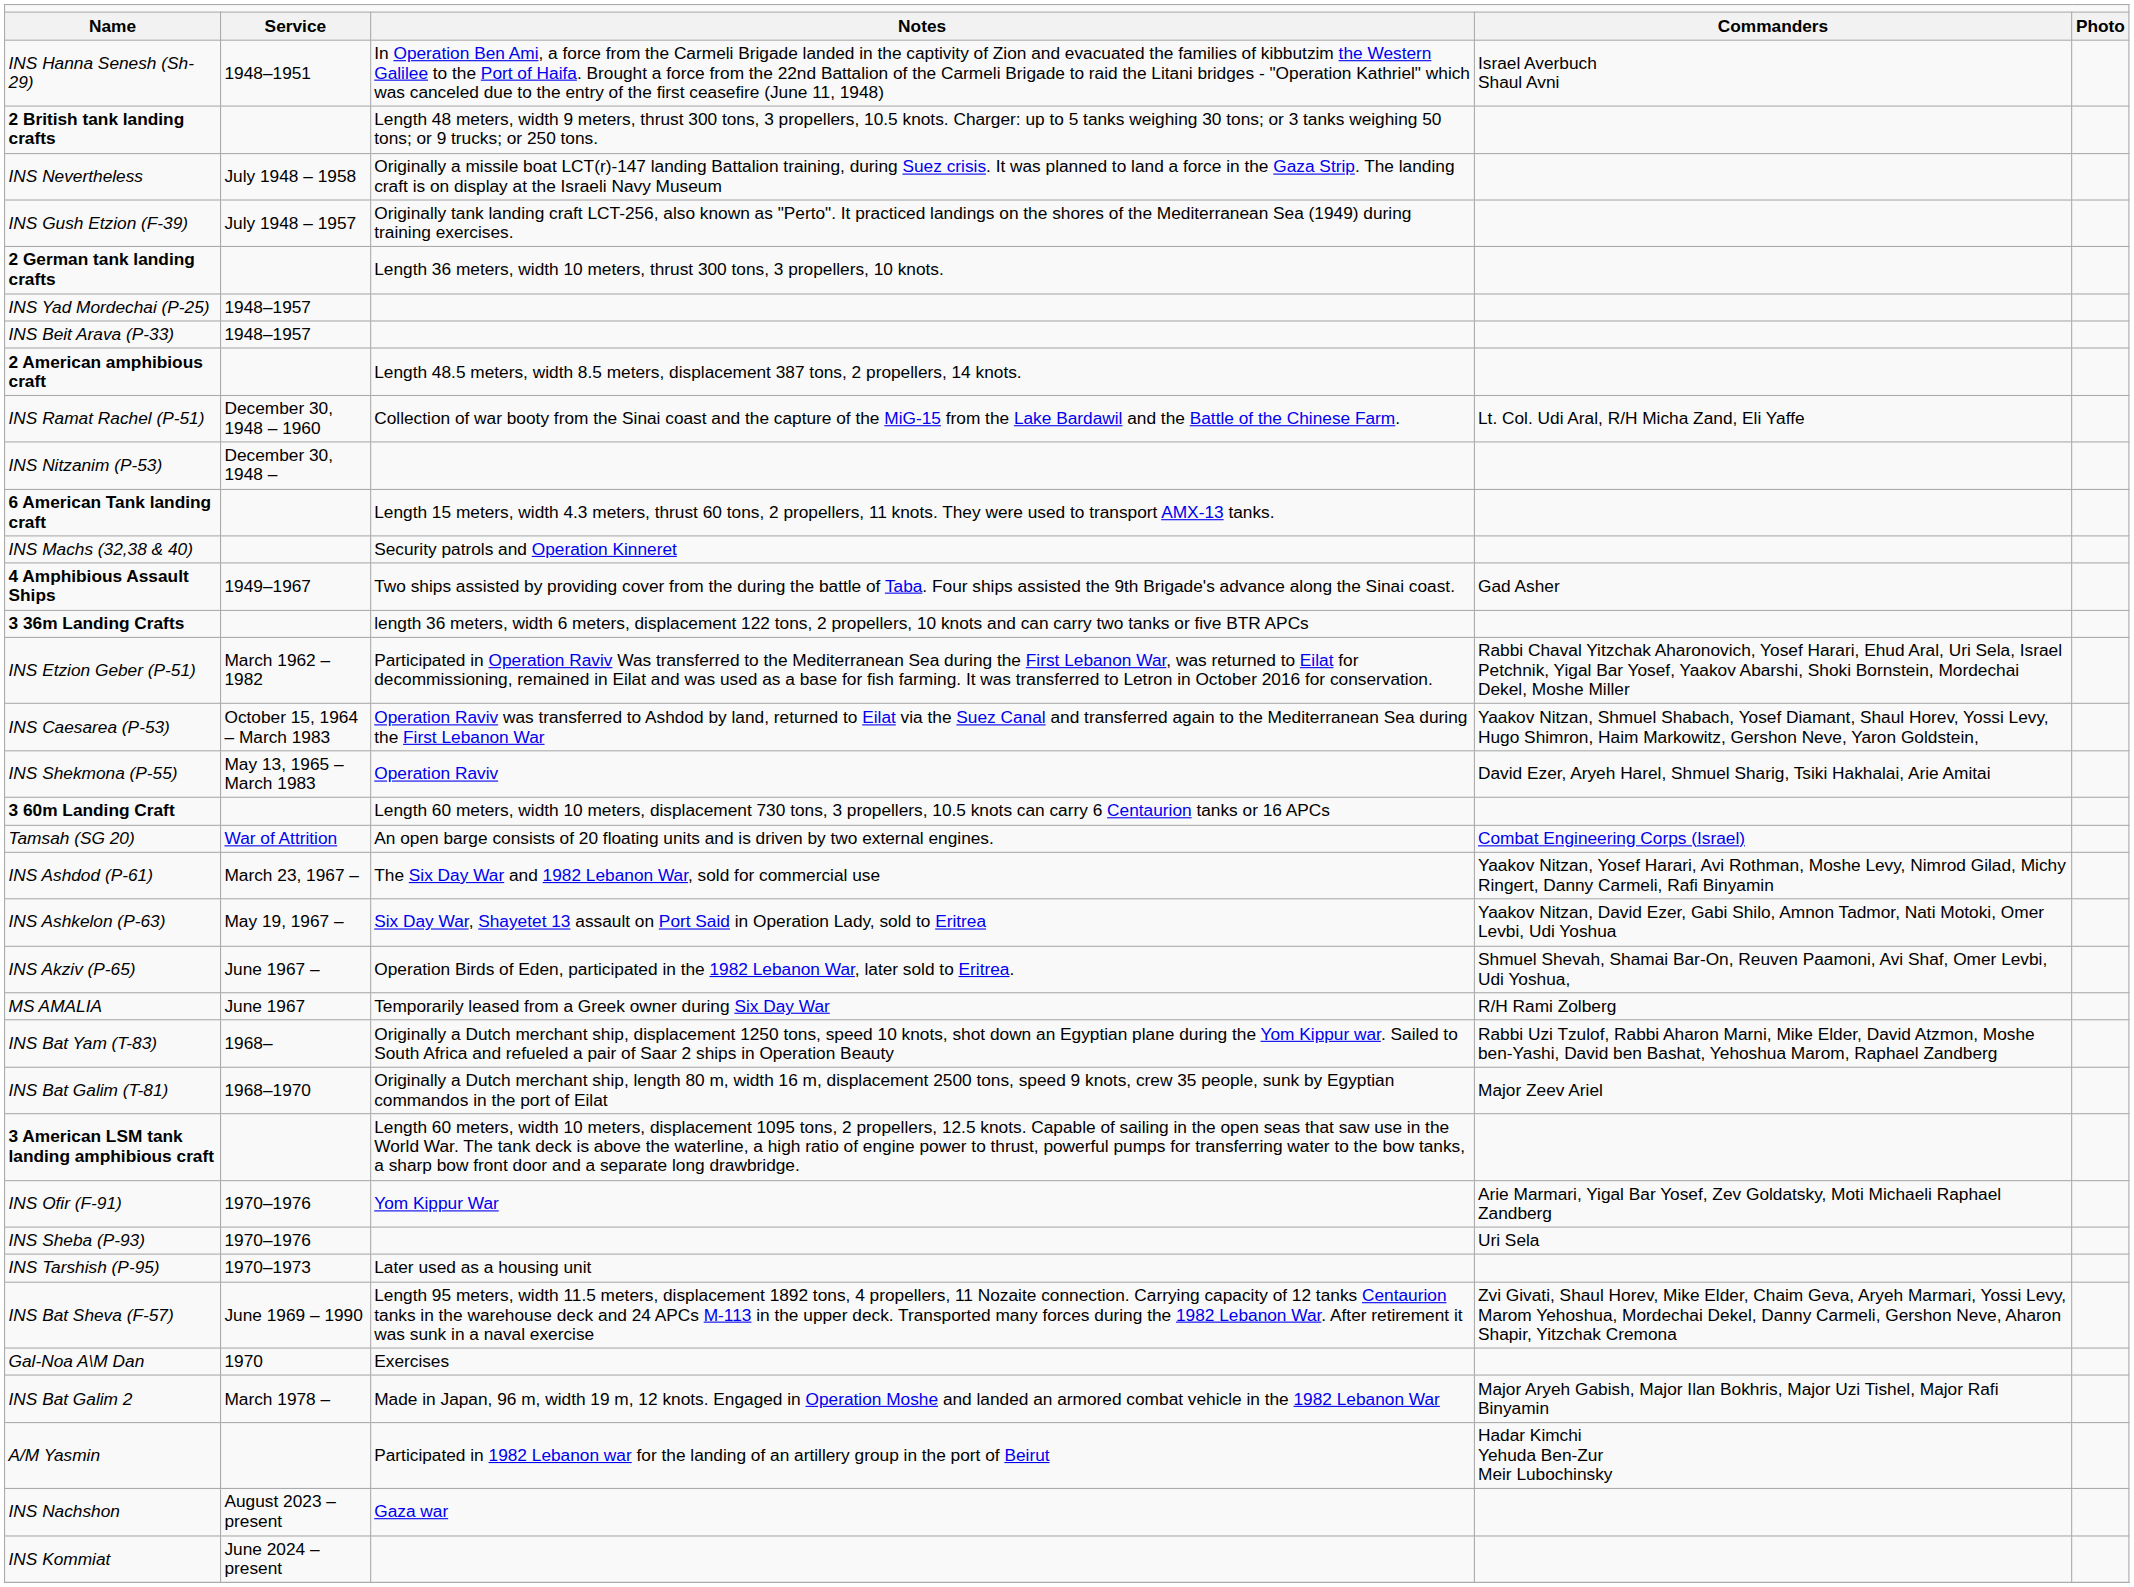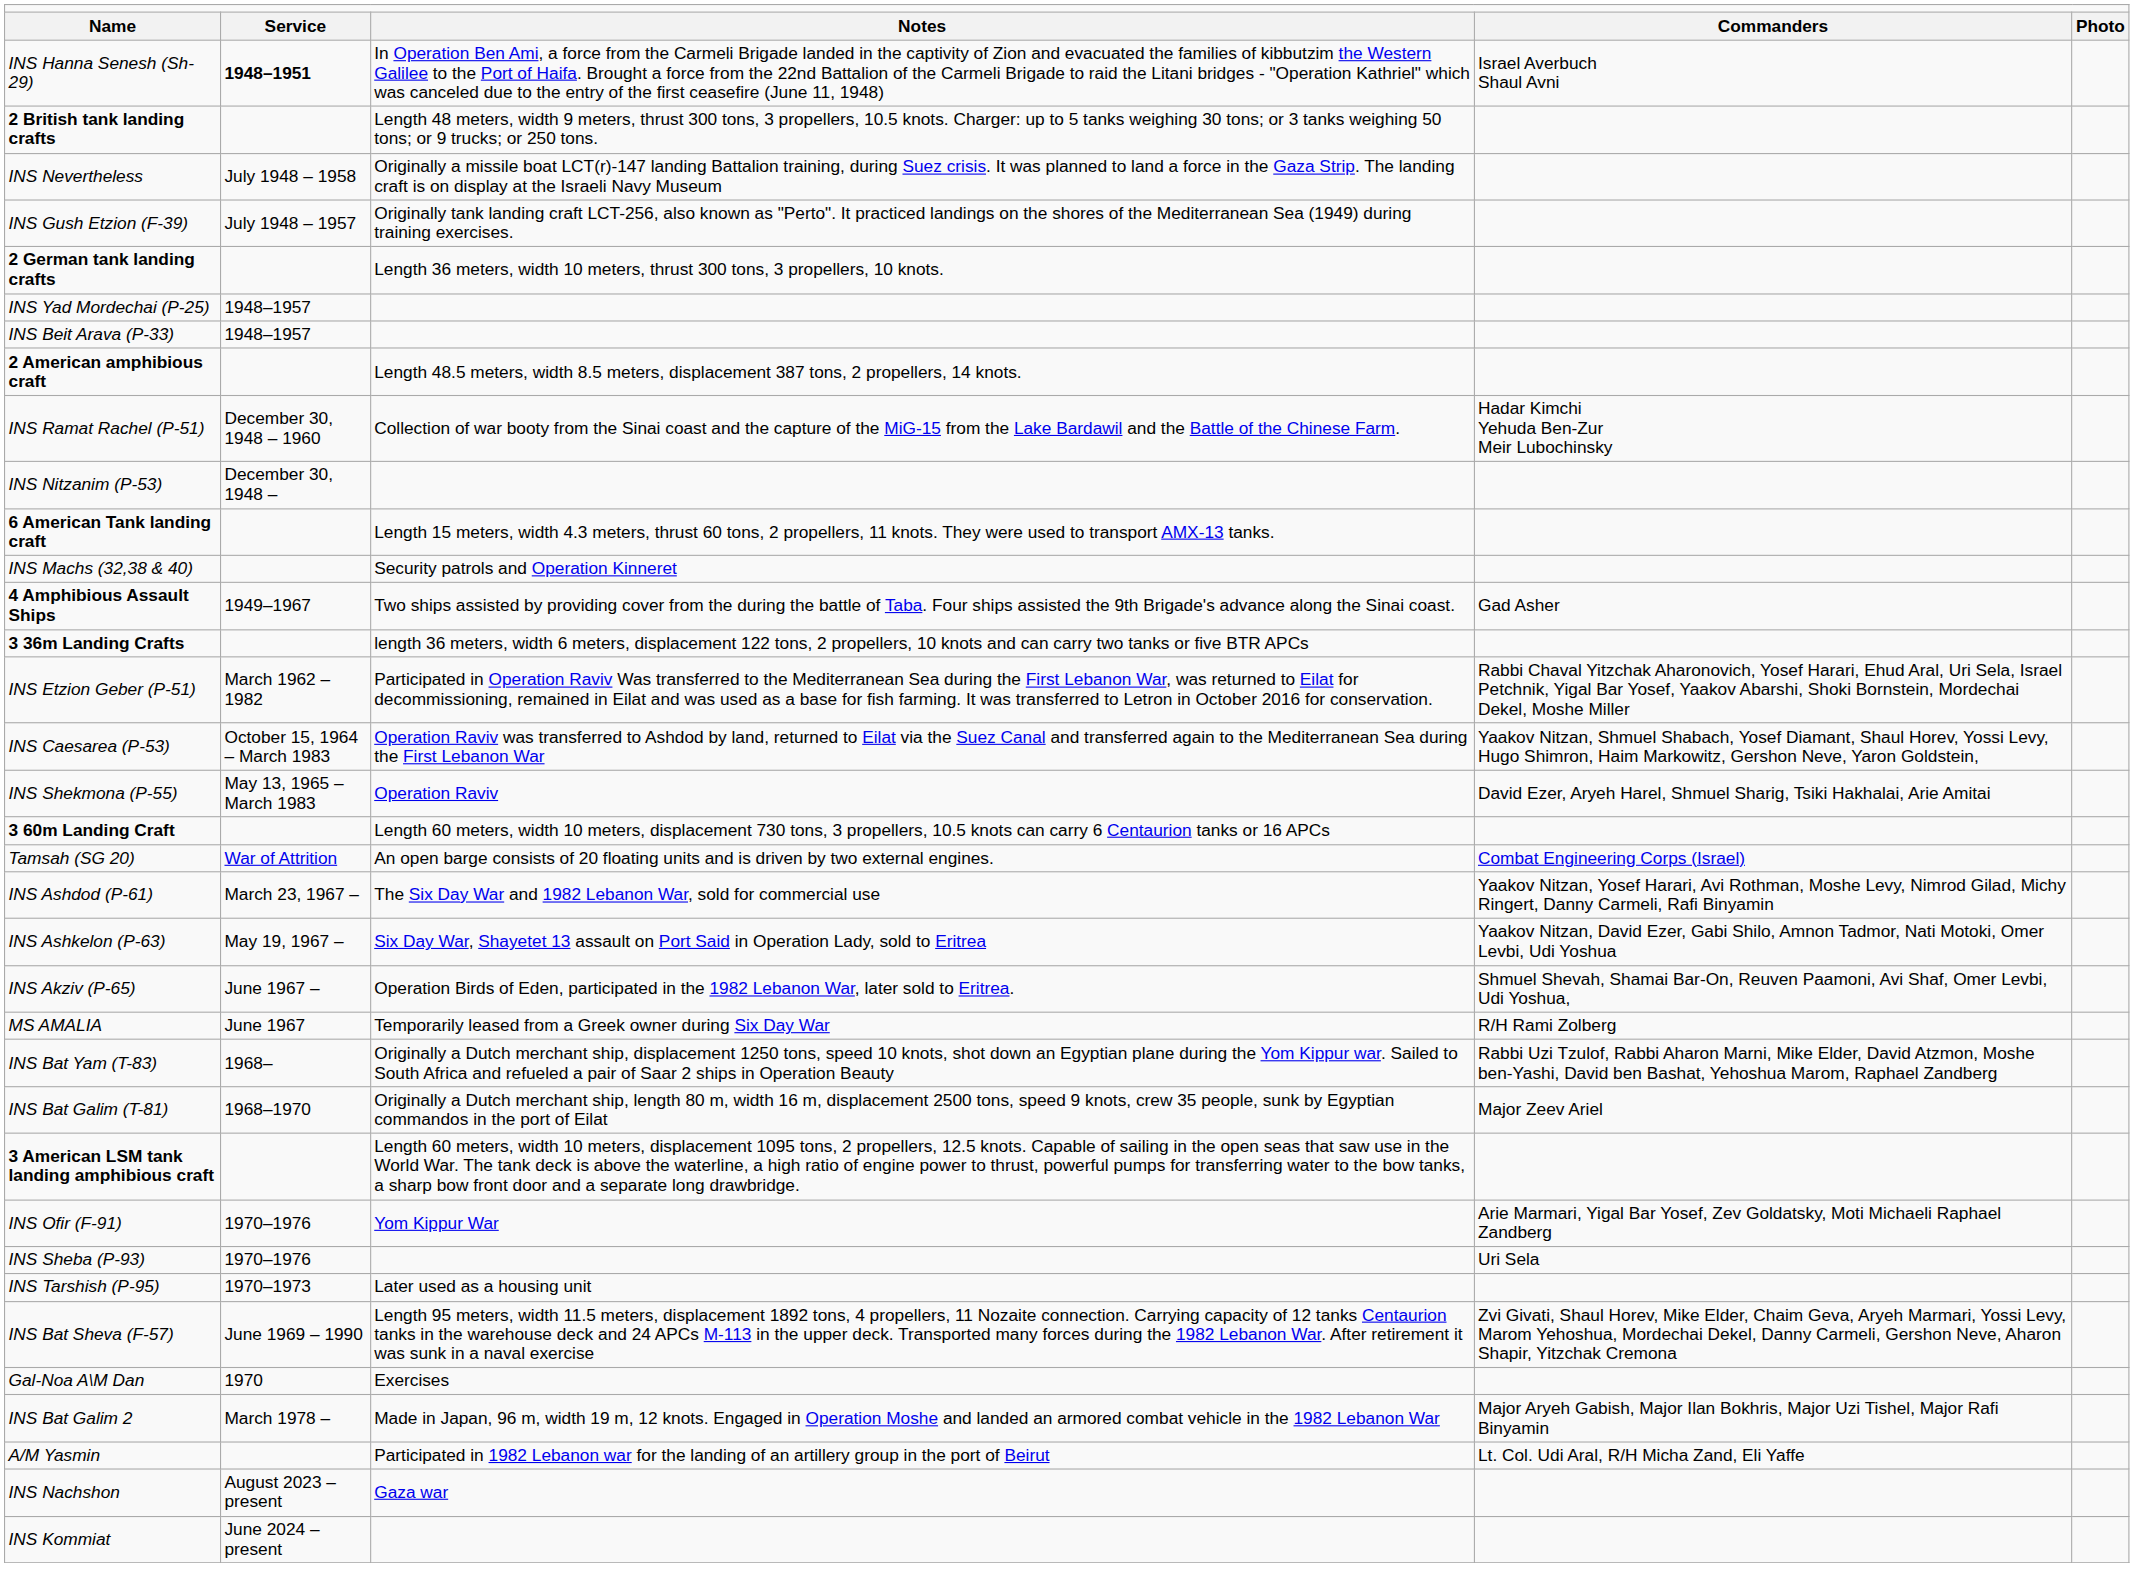 <table border="1" align="center" "| class="wikitable">
 <tr>
 <td colspan="6"></td>
 </tr>
 <tr>
 <th><strong> Name</strong></th>
 <th><strong>Service</strong></th>
 <th><strong>Notes</strong></th>
 <th><strong>Commanders</strong></th>
 <th><strong>Photo </strong></th>
 </tr>
 <tr>
 <td><em>INS Hanna Senesh (Sh-29)</em></td>
-<td>1948–1951</td>
+<td><strong>1948–1951</strong></td>
 <td>In <a href='#'>Operation Ben Ami</a>, a force from the Carmeli Brigade landed in the captivity of Zion and evacuated the families of kibbutzim <a href='#'>the Western Galilee</a> to the <a href='#'>Port of Haifa</a>. Brought a force from the 22nd Battalion of the Carmeli Brigade to raid the Litani bridges - "Operation Kathriel" which was canceled due to the entry of the first ceasefire (June 11, 1948)</td>
 <td>Israel Averbuch<br>Shaul Avni</td>
 <td></td>
 </tr>
 <tr>
 <td><strong>2 British tank landing crafts</strong></td>
 <td></td>
 <td>Length 48 meters, width 9 meters, thrust 300 tons, 3 propellers, 10.5 knots. Charger: up to 5 tanks weighing 30 tons; or 3 tanks weighing 50 tons; or 9 trucks; or 250 tons.</td>
 <td></td>
 <td></td>
 </tr>
 <tr>
 <td><em>INS Nevertheless</em></td>
 <td>July 1948 – 1958</td>
 <td>Originally a missile boat LCT(r)-147 landing Battalion training, during <a href='#'>Suez crisis</a>. It was planned to land a force in the <a href='#'>Gaza Strip</a>. The landing craft is on display at the Israeli Navy Museum</td>
 <td></td>
 <td></td>
 </tr>
 <tr>
 <td><em>INS Gush Etzion (F-39)</em></td>
 <td>July 1948 – 1957</td>
 <td>Originally tank landing craft LCT-256, also known as "Perto". It practiced landings on the shores of the Mediterranean Sea (1949) during training exercises.</td>
 <td></td>
 <td></td>
 </tr>
 <tr>
 <td><strong>2 German tank landing crafts</strong></td>
 <td></td>
 <td>Length 36 meters, width 10 meters, thrust 300 tons, 3 propellers, 10 knots.</td>
 <td></td>
 <td></td>
 </tr>
 <tr>
 <td><em>INS Yad Mordechai (P-25)</em></td>
 <td>1948–1957</td>
 <td></td>
 <td></td>
 <td></td>
 </tr>
 <tr>
 <td><em>INS Beit Arava (P-33)</em></td>
 <td>1948–1957</td>
 <td></td>
 <td></td>
 <td></td>
 </tr>
 <tr>
 <td><strong>2 American amphibious craft</strong></td>
 <td></td>
 <td>Length 48.5 meters, width 8.5 meters, displacement 387 tons, 2 propellers, 14 knots.</td>
 <td></td>
 <td></td>
 </tr>
 <tr>
 <td><em>INS Ramat Rachel (P-51)</em></td>
 <td>December 30, 1948 – 1960</td>
 <td>Collection of war booty from the Sinai coast and the capture of the <a href='#'>MiG-15</a> from the <a href='#'>Lake Bardawil</a> and the <a href='#'>Battle of the Chinese Farm</a>.</td>
-<td>Lt. Col. Udi Aral, R/H Micha Zand, Eli Yaffe</td>
+<td>Hadar Kimchi<br>Yehuda Ben-Zur<br>Meir Lubochinsky</td>
 <td></td>
 </tr>
 <tr>
 <td><em>INS Nitzanim (P-53)</em></td>
 <td>December 30, 1948 –</td>
 <td></td>
 <td></td>
 <td></td>
 </tr>
 <tr>
 <td><strong>6 American Tank landing craft</strong></td>
 <td></td>
 <td>Length 15 meters, width 4.3 meters, thrust 60 tons, 2 propellers, 11 knots. They were used to transport <a href='#'>AMX-13</a> tanks.</td>
 <td></td>
 <td><br></td>
 </tr>
 <tr>
 <td><em>INS Machs (32,38 & 40)</em></td>
 <td></td>
 <td>Security patrols and <a href='#'>Operation Kinneret</a></td>
 <td></td>
 <td></td>
 </tr>
 <tr>
 <td><strong>4 Amphibious Assault Ships</strong></td>
 <td>1949–1967</td>
 <td>Two ships assisted by providing cover from the during the battle  of <a href='#'>Taba</a>. Four ships assisted the 9th Brigade's advance along the Sinai coast.</td>
 <td>Gad Asher</td>
 <td></td>
 </tr>
 <tr>
 <td><strong>3 36m Landing Crafts</strong></td>
 <td></td>
 <td>length 36 meters, width 6 meters, displacement 122 tons, 2 propellers, 10 knots and can carry two tanks or five BTR APCs</td>
 <td></td>
 <td><br></td>
 </tr>
 <tr>
 <td><em>INS Etzion Geber (P-51)</em></td>
 <td>March 1962 – 1982</td>
 <td>Participated in <a href='#'>Operation Raviv</a> Was transferred to the Mediterranean Sea during the <a href='#'>First Lebanon War</a>, was returned to <a href='#'>Eilat</a> for decommissioning, remained in Eilat and was used as a base for fish farming. It was transferred to Letron in October 2016 for conservation.</td>
 <td>Rabbi Chaval Yitzchak Aharonovich, Yosef Harari, Ehud Aral, Uri Sela, Israel Petchnik, Yigal Bar Yosef, Yaakov Abarshi, Shoki Bornstein, Mordechai Dekel, Moshe Miller</td>
 <td><br></td>
 </tr>
 <tr>
 <td><em>INS Caesarea (P-53)</em></td>
 <td>October 15, 1964 – March 1983</td>
 <td><a href='#'>Operation Raviv</a> was transferred to Ashdod by land, returned to <a href='#'>Eilat</a> via the <a href='#'>Suez Canal</a> and transferred again to the Mediterranean Sea during the <a href='#'>First Lebanon War</a></td>
 <td>Yaakov Nitzan, Shmuel Shabach, Yosef Diamant, Shaul Horev, Yossi Levy, Hugo Shimron, Haim Markowitz, Gershon Neve, Yaron Goldstein,</td>
 <td></td>
 </tr>
 <tr>
 <td><em>INS Shekmona (P-55)</em></td>
 <td>May 13, 1965 – March 1983</td>
 <td><a href='#'>Operation Raviv</a></td>
 <td>David Ezer, Aryeh Harel, Shmuel Sharig, Tsiki Hakhalai, Arie Amitai</td>
 <td></td>
 </tr>
 <tr>
 <td><strong>3 60m Landing Craft</strong></td>
 <td></td>
 <td>Length 60 meters, width 10 meters, displacement 730 tons, 3 propellers, 10.5 knots can carry 6 <a href='#'>Centaurion</a> tanks or 16 APCs</td>
 <td></td>
 <td></td>
 </tr>
 <tr>
 <td><em>Tamsah (SG 20)</em></td>
 <td><a href='#'>War of Attrition</a></td>
 <td>An open barge consists of 20 floating units and is driven by two external engines.</td>
 <td><a href='#'>Combat Engineering Corps (Israel)</a></td>
 <td></td>
 </tr>
 <tr>
 <td><em>INS Ashdod (P-61)</em></td>
 <td>March 23, 1967 –</td>
 <td>The <a href='#'>Six Day War</a> and <a href='#'>1982 Lebanon War</a>, sold for commercial use</td>
 <td>Yaakov Nitzan, Yosef Harari, Avi Rothman, Moshe Levy, Nimrod Gilad, Michy Ringert, Danny Carmeli, Rafi Binyamin</td>
 <td></td>
 </tr>
 <tr>
 <td><em>INS Ashkelon (P-63)</em></td>
 <td>May 19, 1967 –</td>
 <td><a href='#'>Six Day War</a>, <a href='#'>Shayetet 13</a> assault on <a href='#'>Port Said</a> in Operation Lady, sold to <a href='#'>Eritrea</a></td>
 <td>Yaakov Nitzan, David Ezer, Gabi Shilo, Amnon Tadmor, Nati Motoki, Omer Levbi, Udi Yoshua</td>
 <td></td>
 </tr>
 <tr>
 <td><em>INS Akziv (P-65)</em></td>
 <td>June 1967 –</td>
 <td>Operation Birds of Eden, participated in the <a href='#'>1982 Lebanon War</a>, later sold to <a href='#'>Eritrea</a>.</td>
 <td>Shmuel Shevah, Shamai Bar-On, Reuven Paamoni, Avi Shaf, Omer Levbi, Udi Yoshua,</td>
 <td></td>
 </tr>
 <tr>
 <td><em>MS AMALIA</em></td>
 <td>June 1967</td>
 <td>Temporarily leased from a Greek owner during <a href='#'>Six Day War</a></td>
 <td>R/H Rami Zolberg</td>
 <td></td>
 </tr>
 <tr>
 <td><em>INS Bat Yam (T-83)</em></td>
 <td>1968–</td>
 <td>Originally a Dutch merchant ship, displacement 1250 tons, speed 10 knots, shot down an Egyptian plane during the <a href='#'>Yom Kippur war</a>. Sailed to South Africa and refueled a pair of Saar 2 ships in Operation Beauty</td>
 <td>Rabbi Uzi Tzulof, Rabbi Aharon Marni, Mike Elder, David Atzmon, Moshe ben-Yashi, David ben Bashat, Yehoshua Marom, Raphael Zandberg</td>
 <td></td>
 </tr>
 <tr>
 <td><em>INS Bat Galim (T-81)</em></td>
 <td>1968–1970</td>
 <td>Originally a Dutch merchant ship, length 80 m, width 16 m, displacement 2500 tons, speed 9 knots, crew 35 people, sunk by Egyptian commandos in the port of Eilat</td>
 <td>Major Zeev Ariel</td>
 <td></td>
 </tr>
 <tr>
 <td><strong>3 American LSM tank landing amphibious craft</strong></td>
 <td></td>
 <td>Length 60 meters, width 10 meters, displacement 1095 tons, 2 propellers, 12.5 knots. Capable of sailing in the open seas that saw use in the World War. The tank deck is above the waterline, a high ratio of engine power to thrust, powerful pumps for transferring water to the bow tanks, a sharp bow front door and a separate long drawbridge.</td>
 <td></td>
 <td></td>
 </tr>
 <tr>
 <td><em>INS Ofir (F-91)</em></td>
 <td>1970–1976</td>
 <td><a href='#'>Yom Kippur War</a></td>
 <td>Arie Marmari, Yigal Bar Yosef, Zev Goldatsky, Moti Michaeli Raphael Zandberg</td>
 <td></td>
 </tr>
 <tr>
 <td><em>INS Sheba (P-93)</em></td>
 <td>1970–1976</td>
 <td></td>
 <td>Uri Sela</td>
 <td></td>
 </tr>
 <tr>
 <td><em>INS Tarshish (P-95)</em></td>
 <td>1970–1973</td>
 <td>Later used as a housing unit</td>
 <td></td>
 <td></td>
 </tr>
 <tr>
 <td><em>INS Bat Sheva (F-57)</em></td>
 <td>June 1969 – 1990</td>
 <td>Length 95 meters, width 11.5 meters, displacement 1892 tons, 4 propellers, 11 Nozaite connection. Carrying capacity of 12 tanks <a href='#'>Centaurion</a> tanks in the warehouse deck and 24 APCs <a href='#'>M-113</a> in the upper deck. Transported many forces during the <a href='#'>1982 Lebanon War</a>. After retirement it was sunk in a naval exercise</td>
 <td>Zvi Givati, Shaul Horev, Mike Elder, Chaim Geva, Aryeh Marmari, Yossi Levy, Marom Yehoshua, Mordechai Dekel, Danny Carmeli, Gershon Neve, Aharon Shapir, Yitzchak Cremona</td>
 <td></td>
 </tr>
 <tr>
 <td><em>Gal-Noa A\M Dan</em></td>
 <td>1970</td>
 <td>Exercises</td>
 <td></td>
 <td></td>
 </tr>
 <tr>
 <td><em>INS Bat Galim 2</em></td>
 <td>March 1978 –</td>
 <td>Made in Japan, 96 m, width 19 m, 12 knots. Engaged in <a href='#'>Operation Moshe</a> and landed an armored combat vehicle in the <a href='#'>1982 Lebanon War</a></td>
 <td>Major Aryeh Gabish, Major Ilan Bokhris, Major Uzi Tishel, Major Rafi Binyamin</td>
 <td></td>
 </tr>
 <tr>
 <td><em>A/M Yasmin</em></td>
 <td></td>
 <td>Participated in <a href='#'>1982 Lebanon war</a> for the landing of an artillery group in the port of <a href='#'>Beirut</a></td>
-<td>Hadar Kimchi<br>Yehuda Ben-Zur<br>Meir Lubochinsky</td>
+<td>Lt. Col. Udi Aral, R/H Micha Zand, Eli Yaffe</td>
 <td></td>
 </tr>
 <tr>
 <td><em>INS Nachshon</em></td>
 <td>August 2023 – present</td>
 <td><a href='#'>Gaza war</a></td>
 <td></td>
 <td></td>
 </tr>
 <tr>
 <td><em>INS Kommiat</em></td>
 <td>June 2024 – present</td>
 <td></td>
 <td></td>
 <td></td>
 </tr>
 <tr>
 </tr>
 </table>
